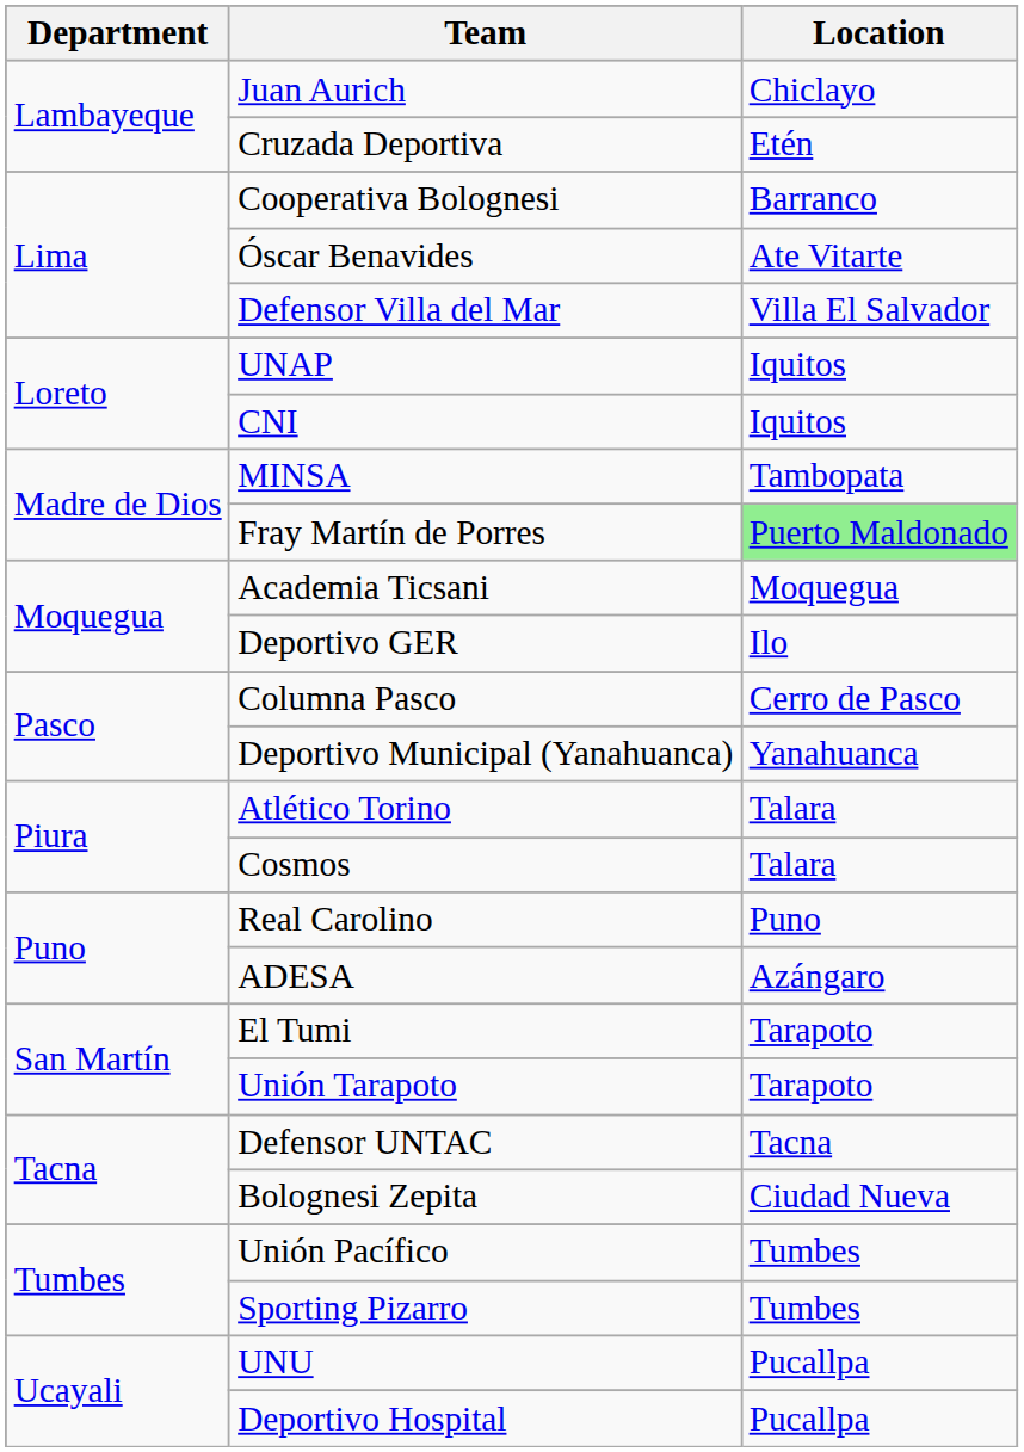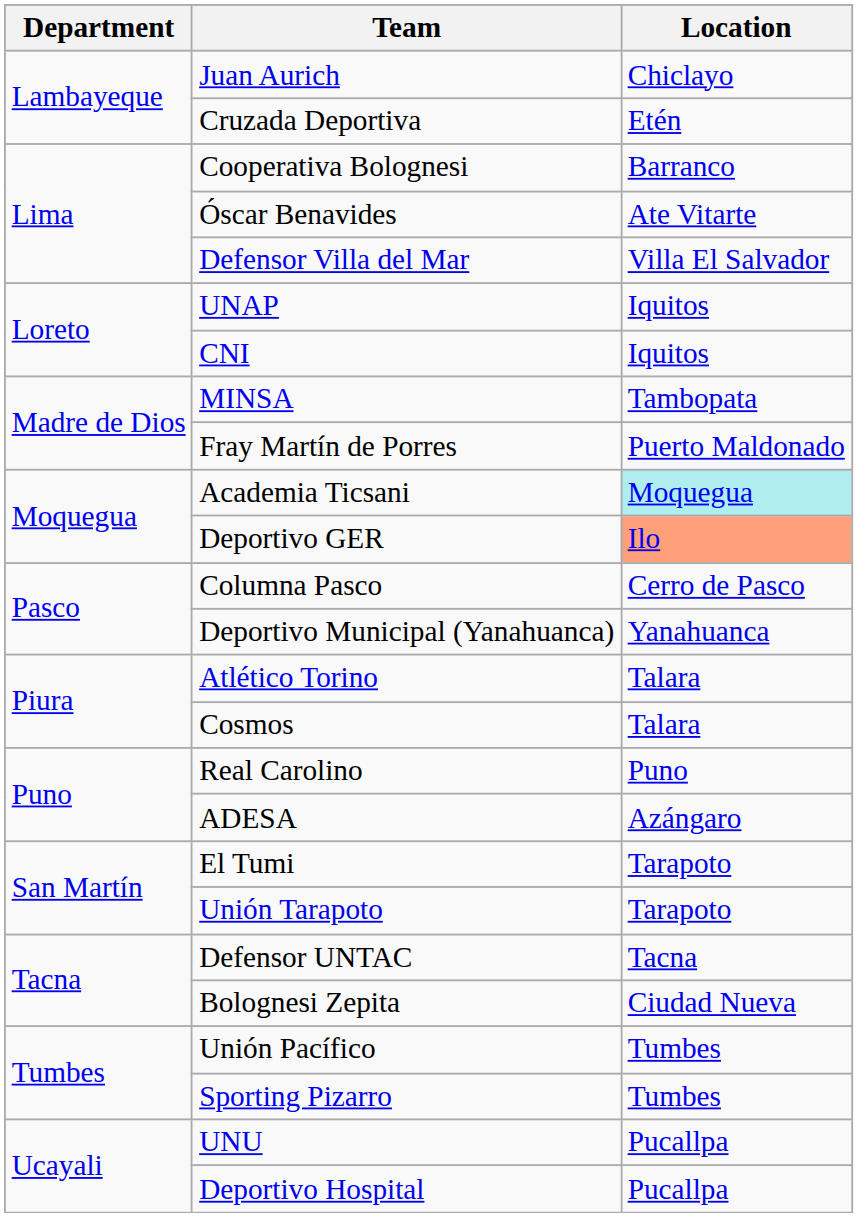 <table class="wikitable">
 <tr>
 <th>Department</th>
 <th>Team</th>
 <th>Location</th>
 </tr>
 <tr>
 <td rowspan="2"><a href='#'>Lambayeque</a></td>
 <td><a href='#'>Juan Aurich</a></td>
 <td><a href='#'>Chiclayo</a></td>
 </tr>
 <tr>
 <td>Cruzada Deportiva</td>
 <td><a href='#'>Etén</a></td>
 </tr>
 <tr>
 <td rowspan="3"><a href='#'>Lima</a></td>
 <td>Cooperativa Bolognesi</td>
 <td><a href='#'>Barranco</a></td>
 </tr>
 <tr>
 <td>Óscar Benavides</td>
 <td><a href='#'>Ate Vitarte</a></td>
 </tr>
 <tr>
 <td><a href='#'>Defensor Villa del Mar</a></td>
 <td><a href='#'>Villa El Salvador</a></td>
 </tr>
 <tr>
 <td rowspan="2"><a href='#'>Loreto</a></td>
 <td><a href='#'>UNAP</a></td>
 <td><a href='#'>Iquitos</a></td>
 </tr>
 <tr>
 <td><a href='#'>CNI</a></td>
 <td><a href='#'>Iquitos</a></td>
 </tr>
 <tr>
 <td rowspan="2"><a href='#'>Madre de Dios</a></td>
 <td><a href='#'>MINSA</a></td>
 <td><a href='#'>Tambopata</a></td>
 </tr>
 <tr>
 <td>Fray Martín de Porres</td>
-<td style="background: lightgreen;"><a href='#'>Puerto Maldonado</a></td>
+<td><a href='#'>Puerto Maldonado</a></td>
 </tr>
 <tr>
 <td rowspan="2"><a href='#'>Moquegua</a></td>
 <td>Academia Ticsani</td>
-<td><a href='#'>Moquegua</a></td>
+<td style="background: paleturquoise;"><a href='#'>Moquegua</a></td>
 </tr>
 <tr>
 <td>Deportivo GER</td>
-<td><a href='#'>Ilo</a></td>
+<td style="background: lightsalmon;"><a href='#'>Ilo</a></td>
 </tr>
 <tr>
 <td rowspan="2"><a href='#'>Pasco</a></td>
 <td>Columna Pasco</td>
 <td><a href='#'>Cerro de Pasco</a></td>
 </tr>
 <tr>
 <td>Deportivo Municipal (Yanahuanca)</td>
 <td><a href='#'>Yanahuanca</a></td>
 </tr>
 <tr>
 <td rowspan="2"><a href='#'>Piura</a></td>
 <td><a href='#'>Atlético Torino</a></td>
 <td><a href='#'>Talara</a></td>
 </tr>
 <tr>
 <td>Cosmos</td>
 <td><a href='#'>Talara</a></td>
 </tr>
 <tr>
 <td rowspan="2"><a href='#'>Puno</a></td>
 <td>Real Carolino</td>
 <td><a href='#'>Puno</a></td>
 </tr>
 <tr>
 <td>ADESA</td>
 <td><a href='#'>Azángaro</a></td>
 </tr>
 <tr>
 <td rowspan="2"><a href='#'>San Martín</a></td>
 <td>El Tumi</td>
 <td><a href='#'>Tarapoto</a></td>
 </tr>
 <tr>
 <td><a href='#'>Unión Tarapoto</a></td>
 <td><a href='#'>Tarapoto</a></td>
 </tr>
 <tr>
 <td rowspan="2"><a href='#'>Tacna</a></td>
 <td>Defensor UNTAC</td>
 <td><a href='#'>Tacna</a></td>
 </tr>
 <tr>
 <td>Bolognesi Zepita</td>
 <td><a href='#'>Ciudad Nueva</a></td>
 </tr>
 <tr>
 <td rowspan="2"><a href='#'>Tumbes</a></td>
 <td>Unión Pacífico</td>
 <td><a href='#'>Tumbes</a></td>
 </tr>
 <tr>
 <td><a href='#'>Sporting Pizarro</a></td>
 <td><a href='#'>Tumbes</a></td>
 </tr>
 <tr>
 <td rowspan="2"><a href='#'>Ucayali</a></td>
 <td><a href='#'>UNU</a></td>
 <td><a href='#'>Pucallpa</a></td>
 </tr>
 <tr>
 <td><a href='#'>Deportivo Hospital</a></td>
 <td><a href='#'>Pucallpa</a></td>
 </tr>
 </table>
